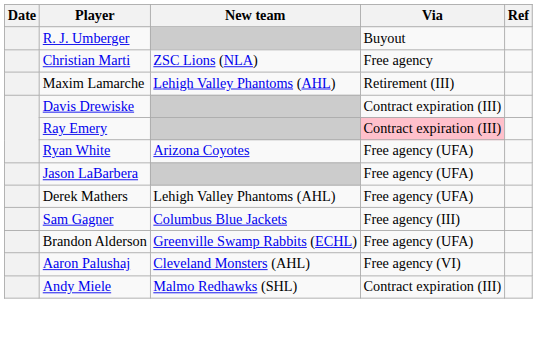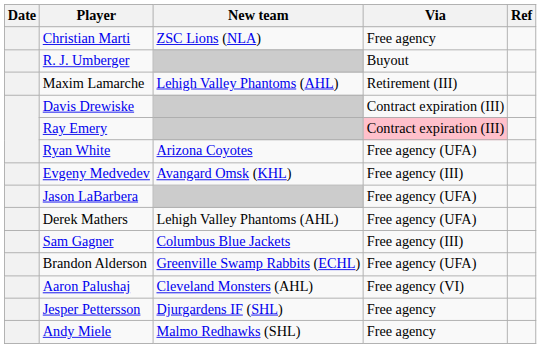 <table class="wikitable plainrowheaders">
 <tr style="background:#ddd; text-align:center;">
 <th>Date</th>
 <th>Player</th>
 <th>New team</th>
 <th>Via</th>
 <th>Ref</th>
 </tr>
 <tr>
 <th scope="row"></th>
-<td><a href='#'>R. J. Umberger</a></td>
-<td style="background:#ccc"></td>
-<td>Buyout</td>
+<td><a href='#'>Christian Marti</a></td>
+<td><a href='#'>ZSC Lions</a> (<a href='#'>NLA</a>)</td>
+<td>Free agency</td>
 <td></td>
 </tr>
 <tr>
 <th scope="row"></th>
-<td><a href='#'>Christian Marti</a></td>
-<td><a href='#'>ZSC Lions</a> (<a href='#'>NLA</a>)</td>
-<td>Free agency</td>
+<td><a href='#'>R. J. Umberger</a></td>
+<td style="background:#ccc"></td>
+<td>Buyout</td>
 <td></td>
 </tr>
 <tr>
 <th scope="row"></th>
 <td>Maxim Lamarche</td>
 <td><a href='#'>Lehigh Valley Phantoms</a> (<a href='#'>AHL</a>)</td>
 <td>Retirement (III)</td>
 <td></td>
 </tr>
 <tr>
 <th scope="row" rowspan=3></th>
 <td><a href='#'>Davis Drewiske</a></td>
 <td style="background:#ccc"></td>
 <td>Contract expiration (III)</td>
 <td></td>
 </tr>
 <tr>
 <td><a href='#'>Ray Emery</a></td>
 <td style="background:#ccc"></td>
 <td style="background: pink;">Contract expiration (III)</td>
 <td></td>
 </tr>
 <tr>
 <td><a href='#'>Ryan White</a></td>
 <td><a href='#'>Arizona Coyotes</a></td>
 <td>Free agency (UFA)</td>
+<td></td>
+</tr>
+<tr>
+<th scope="row"></th>
+<td><a href='#'>Evgeny Medvedev</a></td>
+<td><a href='#'>Avangard Omsk</a> (<a href='#'>KHL</a>)</td>
+<td>Free agency (III)</td>
 <td></td>
 </tr>
 <tr>
 <th scope="row"></th>
 <td><a href='#'>Jason LaBarbera</a></td>
 <td style="background:#ccc"></td>
 <td>Free agency (UFA)</td>
 <td></td>
 </tr>
 <tr>
 <th scope="row"></th>
 <td>Derek Mathers</td>
 <td>Lehigh Valley Phantoms (AHL)</td>
 <td>Free agency (UFA)</td>
 <td></td>
 </tr>
 <tr>
 <th scope="row"></th>
 <td><a href='#'>Sam Gagner</a></td>
 <td><a href='#'>Columbus Blue Jackets</a></td>
 <td>Free agency (III)</td>
 <td></td>
 </tr>
 <tr>
 <th scope="row"></th>
 <td>Brandon Alderson</td>
 <td><a href='#'>Greenville Swamp Rabbits</a> (<a href='#'>ECHL</a>)</td>
 <td>Free agency (UFA)</td>
 <td></td>
 </tr>
 <tr>
 <th scope="row"></th>
 <td><a href='#'>Aaron Palushaj</a></td>
 <td><a href='#'>Cleveland Monsters</a> (AHL)</td>
 <td>Free agency (VI)</td>
 <td></td>
 </tr>
 <tr>
 <th scope="row"></th>
+<td><a href='#'>Jesper Pettersson</a></td>
+<td><a href='#'>Djurgardens IF</a> (<a href='#'>SHL</a>)</td>
+<td>Free agency</td>
+<td></td>
+</tr>
+<tr>
+<th scope="row"></th>
 <td><a href='#'>Andy Miele</a></td>
 <td><a href='#'>Malmo Redhawks</a> (SHL)</td>
-<td>Contract expiration (III)</td>
+<td>Free agency</td>
 <td></td>
 </tr>
 </table>
